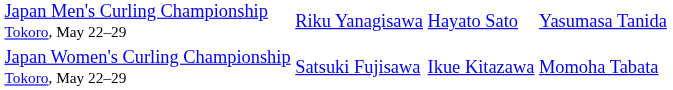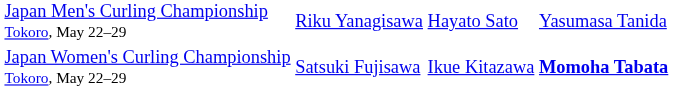 <table>
 <tr>
 <td><a href='#'>Japan Men's Curling Championship</a> <br> <small><a href='#'>Tokoro</a>, May 22–29</small></td>
 <td> <a href='#'>Riku Yanagisawa</a></td>
 <td> <a href='#'>Hayato Sato</a></td>
 <td> <a href='#'>Yasumasa Tanida</a></td>
 </tr>
 <tr>
 <td><a href='#'>Japan Women's Curling Championship</a> <br> <small><a href='#'>Tokoro</a>, May 22–29</small></td>
 <td> <a href='#'>Satsuki Fujisawa</a></td>
 <td> <a href='#'>Ikue Kitazawa</a></td>
-<td> <a href='#'>Momoha Tabata</a></td>
+<td><strong> <a href='#'>Momoha Tabata</a></strong></td>
 </tr>
 </table>
